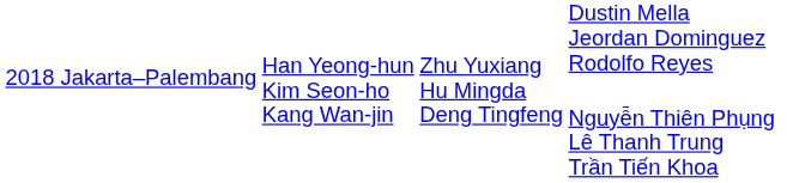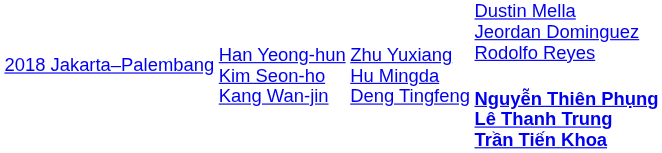 <table>
 <tr>
 <td rowspan=2><a href='#'>2018 Jakarta–Palembang</a></td>
 <td rowspan=2><br><a href='#'>Han Yeong-hun</a><br><a href='#'>Kim Seon-ho</a><br><a href='#'>Kang Wan-jin</a></td>
 <td rowspan=2><br><a href='#'>Zhu Yuxiang</a><br><a href='#'>Hu Mingda</a><br><a href='#'>Deng Tingfeng</a></td>
 <td><br><a href='#'>Dustin Mella</a><br><a href='#'>Jeordan Dominguez</a><br><a href='#'>Rodolfo Reyes</a></td>
 </tr>
 <tr>
-<td><br><a href='#'>Nguyễn Thiên Phụng</a><br><a href='#'>Lê Thanh Trung</a><br><a href='#'>Trần Tiến Khoa</a></td>
+<td><strong><br><a href='#'>Nguyễn Thiên Phụng</a><br><a href='#'>Lê Thanh Trung</a><br><a href='#'>Trần Tiến Khoa</a></strong></td>
 </tr>
 </table>
